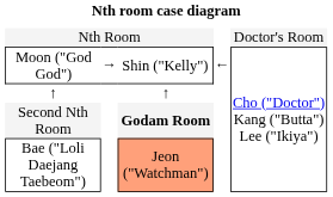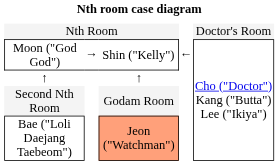 <table cellspacing="0" style="text-align:center; margin: 20px; clear: both; margin-left: auto; margin-right: auto;">
 <tr>
 <td colspan="5" style="padding: 10px;"><strong>Nth room case diagram</strong></td>
 </tr>
 <tr>
 <td colspan="3" style="background-color:#F4F4F4;">Nth Room</td>
 <td></td>
 <td style="background-color:#F4F4F4;">Doctor's Room</td>
 </tr>
 <tr>
 <td rowspan="2" style="width: 100px; border-width: 1px; border-top: 1px solid; border-bottom: 1px solid; border-left: 1px solid;">Moon ("God God")</td>
 <td style="border-top: 1px solid;">→</td>
 <td rowspan="2" style="width: 100px; border-width: 1px; border-top: 1px solid; border-bottom: 1px solid; border-right: 1px solid;">Shin ("Kelly")</td>
 <td>←</td>
 <td rowspan="5" style="width: 100px; border-width: 1px; border-style: solid;"><a href='#'>Cho ("Doctor")</a><br>Kang ("Butta")<br> Lee ("Ikiya")</td>
 </tr>
 <tr>
 <td style="border-bottom: 1px solid;"></td>
 <td></td>
 <td></td>
 </tr>
 <tr>
 <td>↑ </td>
 <td></td>
 <td>↑ </td>
 <td></td>
 </tr>
 <tr>
 <td style="background-color:#F4F4F4;">Second Nth Room</td>
 <td></td>
-<td style="background-color:#F4F4F4;"><strong>Godam Room</strong></td>
+<td style="background-color:#F4F4F4;">Godam Room</td>
 <td></td>
 </tr>
 <tr>
 <td style="border-width: 1px; border-style: solid;">Bae ("Loli Daejang Taebeom")</td>
 <td></td>
 <td style="background: lightsalmon; border-width: 1px; border-style: solid;">Jeon ("Watchman")</td>
 <td></td>
 </tr>
 </table>
